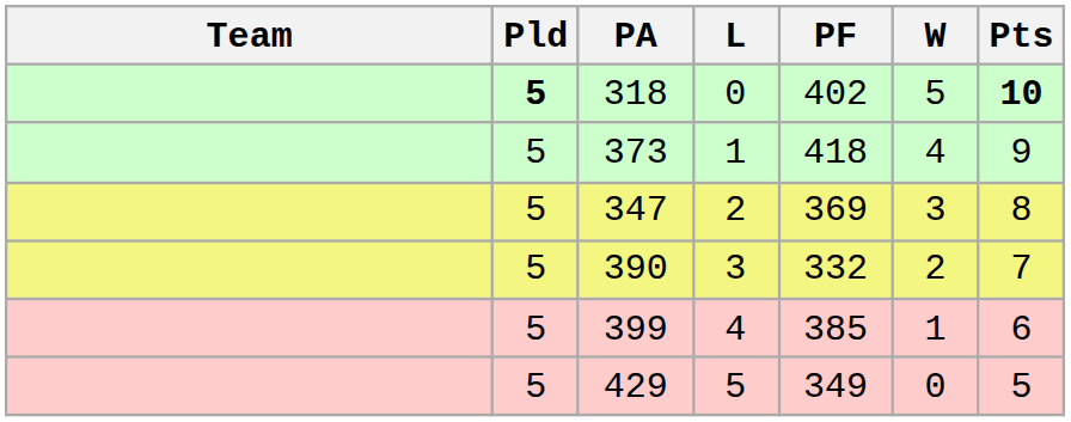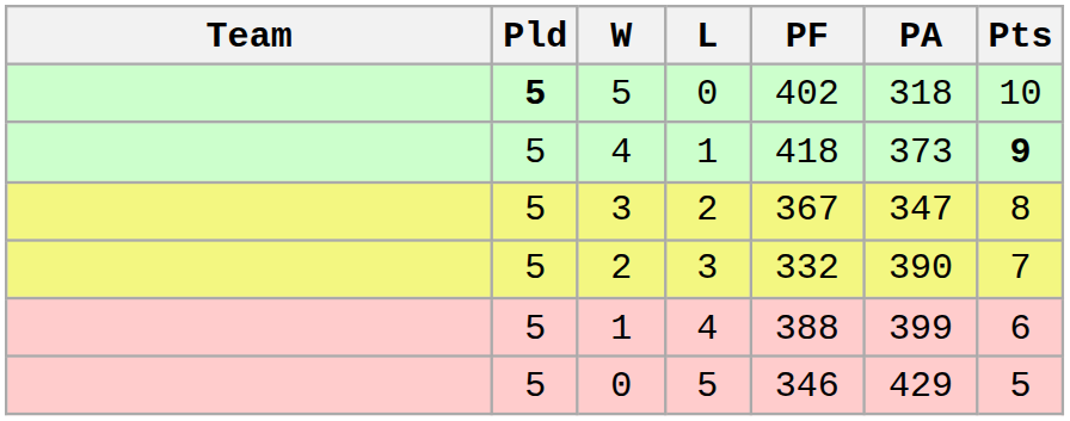 <table class="wikitable" style="text-align:center;">
 <tr>
 <th width=170>Team</th>
 <th width=25>Pld</th>
-<th width=35>PA</th>
+<th width=25>W</th>
 <th width=25>L</th>
 <th width=35>PF</th>
-<th width=25>W</th>
+<th width=35>PA</th>
 <th width=25>Pts</th>
 </tr>
 <tr style="background:#ccffcc">
 <td style="text-align:left"></td>
 <td><strong>5</strong></td>
-<td>318</td>
+<td>5</td>
 <td>0</td>
 <td>402</td>
-<td>5</td>
-<td><strong>10</strong></td>
+<td>318</td>
+<td>10</td>
 </tr>
 <tr style="background:#ccffcc">
 <td style="text-align:left"></td>
 <td>5</td>
-<td>373</td>
+<td>4</td>
 <td>1</td>
 <td>418</td>
-<td>4</td>
-<td>9</td>
+<td>373</td>
+<td><strong>9</strong></td>
 </tr>
 <tr style="background:#F3F781">
 <td style="text-align:left"></td>
 <td>5</td>
+<td>3</td>
+<td>2</td>
+<td>367</td>
 <td>347</td>
-<td>2</td>
-<td>369</td>
-<td>3</td>
 <td>8</td>
 </tr>
 <tr style="background:#F3F781">
 <td style="text-align:left"></td>
 <td>5</td>
-<td>390</td>
+<td>2</td>
 <td>3</td>
 <td>332</td>
-<td>2</td>
+<td>390</td>
 <td>7</td>
 </tr>
 <tr style="background:#ffcccc">
 <td style="text-align:left"></td>
 <td>5</td>
+<td>1</td>
+<td>4</td>
+<td>388</td>
 <td>399</td>
-<td>4</td>
-<td>385</td>
-<td>1</td>
 <td>6</td>
 </tr>
 <tr style="background:#ffcccc">
 <td style="text-align:left"></td>
 <td>5</td>
+<td>0</td>
+<td>5</td>
+<td>346</td>
 <td>429</td>
-<td>5</td>
-<td>349</td>
-<td>0</td>
 <td>5</td>
 </tr>
 </table>
